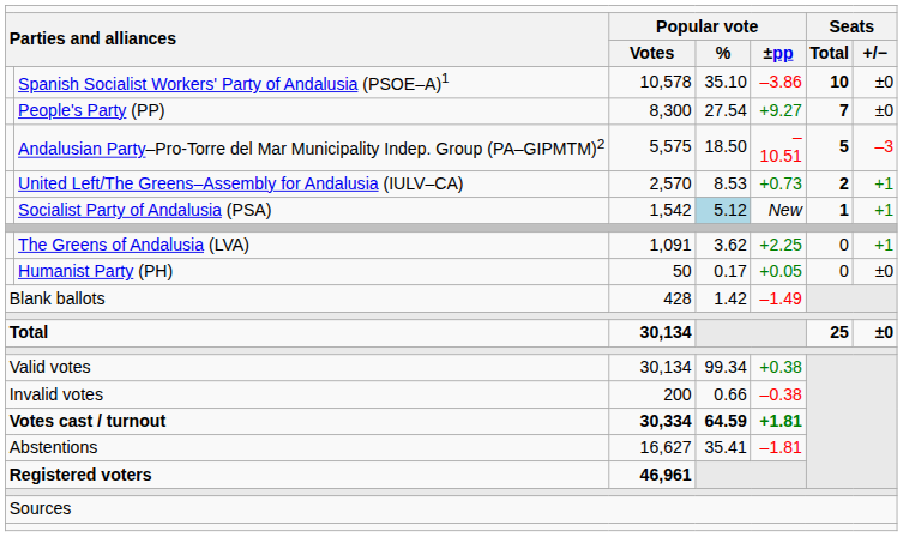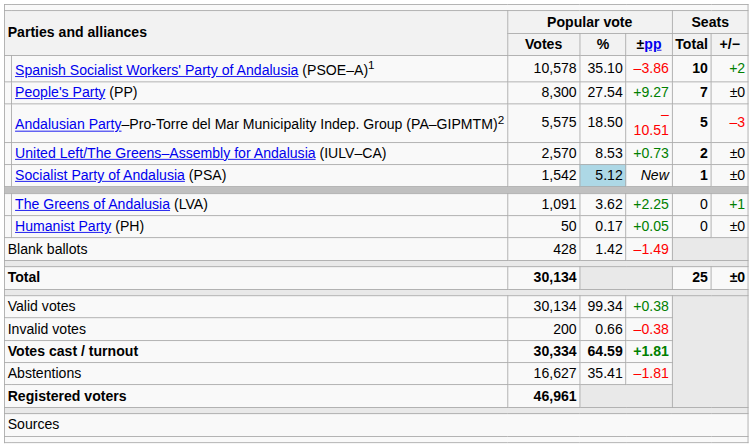 <table class="wikitable" style="text-align:right;">
 <tr>
 <td colspan="7"></td>
 </tr>
 <tr>
 <th style="text-align:left;" rowspan="2" colspan="2" width="525">Parties and alliances</th>
 <th colspan="3">Popular vote</th>
 <th colspan="2">Seats</th>
 </tr>
 <tr>
 <th width="75">Votes</th>
 <th width="45">%</th>
 <th width="45">±<a href='#'>pp</a></th>
 <th width="35">Total</th>
 <th width="35">+/−</th>
 </tr>
 <tr>
 <td width="1" style="color:inherit;background:"></td>
 <td align="left"><a href='#'>Spanish Socialist Workers' Party of Andalusia</a> (PSOE–A)<sup>1</sup></td>
 <td>10,578</td>
 <td>35.10</td>
 <td style="color:red;">–3.86</td>
 <td><strong>10</strong></td>
-<td>±0</td>
+<td style="color:green;">+2</td>
 </tr>
 <tr>
 <td style="color:inherit;background:"></td>
 <td align="left"><a href='#'>People's Party</a> (PP)</td>
 <td>8,300</td>
 <td>27.54</td>
 <td style="color:green;">+9.27</td>
 <td><strong>7</strong></td>
 <td>±0</td>
 </tr>
 <tr>
 <td style="color:inherit;background:"></td>
 <td align="left"><a href='#'>Andalusian Party</a>–Pro-Torre del Mar Municipality Indep. Group (PA–GIPMTM)<sup>2</sup></td>
 <td>5,575</td>
 <td>18.50</td>
 <td style="color:red;">–10.51</td>
 <td><strong>5</strong></td>
 <td style="color:red;">–3</td>
 </tr>
 <tr>
 <td style="color:inherit;background:"></td>
 <td align="left"><a href='#'>United Left/The Greens–Assembly for Andalusia</a> (IULV–CA)</td>
 <td>2,570</td>
 <td>8.53</td>
 <td style="color:green;">+0.73</td>
 <td><strong>2</strong></td>
-<td style="color:green;">+1</td>
+<td>±0</td>
 </tr>
 <tr>
 <td style="color:inherit;background:"></td>
 <td align="left"><a href='#'>Socialist Party of Andalusia</a> (PSA)</td>
 <td>1,542</td>
 <td style="background: lightblue;">5.12</td>
 <td><em>New</em></td>
 <td><strong>1</strong></td>
-<td style="color:green;">+1</td>
+<td>±0</td>
 </tr>
 <tr>
 <td colspan="7" bgcolor="#C0C0C0"></td>
 </tr>
 <tr>
 <td style="color:inherit;background:"></td>
 <td align="left"><a href='#'>The Greens of Andalusia</a> (LVA)</td>
 <td>1,091</td>
 <td>3.62</td>
 <td style="color:green;">+2.25</td>
 <td>0</td>
 <td style="color:green;">+1</td>
 </tr>
 <tr>
 <td style="color:inherit;background:"></td>
 <td align="left"><a href='#'>Humanist Party</a> (PH)</td>
 <td>50</td>
 <td>0.17</td>
 <td style="color:green;">+0.05</td>
 <td>0</td>
 <td>±0</td>
 </tr>
 <tr>
 <td align="left" colspan="2">Blank ballots</td>
 <td>428</td>
 <td>1.42</td>
 <td style="color:red;">–1.49</td>
 <td bgcolor="#E9E9E9" colspan="2"></td>
 </tr>
 <tr>
 <td colspan="7" bgcolor="#E9E9E9"></td>
 </tr>
 <tr style="font-weight:bold;">
 <td align="left" colspan="2">Total</td>
 <td>30,134</td>
 <td bgcolor="#E9E9E9" colspan="2"></td>
 <td>25</td>
 <td>±0</td>
 </tr>
 <tr>
 <td colspan="7" bgcolor="#E9E9E9"></td>
 </tr>
 <tr>
 <td align="left" colspan="2">Valid votes</td>
 <td>30,134</td>
 <td>99.34</td>
 <td style="color:green;">+0.38</td>
 <td bgcolor="#E9E9E9" colspan="2" rowspan="5"></td>
 </tr>
 <tr>
 <td align="left" colspan="2">Invalid votes</td>
 <td>200</td>
 <td>0.66</td>
 <td style="color:red;">–0.38</td>
 </tr>
 <tr style="font-weight:bold;">
 <td align="left" colspan="2">Votes cast / turnout</td>
 <td>30,334</td>
 <td>64.59</td>
 <td style="color:green;">+1.81</td>
 </tr>
 <tr>
 <td align="left" colspan="2">Abstentions</td>
 <td>16,627</td>
 <td>35.41</td>
 <td style="color:red;">–1.81</td>
 </tr>
 <tr style="font-weight:bold;">
 <td align="left" colspan="2">Registered voters</td>
 <td>46,961</td>
 <td bgcolor="#E9E9E9" colspan="2"></td>
 </tr>
 <tr>
 <td colspan="7" bgcolor="#E9E9E9"></td>
 </tr>
 <tr>
 <td align="left" colspan="7">Sources</td>
 </tr>
 <tr>
 <td colspan="7" style="text-align:left; max-width:790px;"></td>
 </tr>
 </table>
